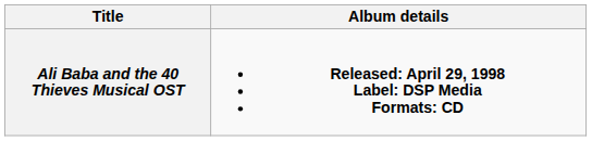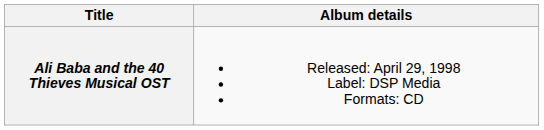 <table class="wikitable plainrowheaders" style="text-align:center;">
 <tr>
 <th style="width:13em;">Title</th>
 <th style="width:24em;">Album details</th>
 </tr>
 <tr>
 <th scope="row"><em>Ali Baba and the 40 Thieves Musical OST</em></th>
-<td><strong><br><ul><li>Released: April 29, 1998</li><li>Label: DSP Media</li><li>Formats: CD</li></ul></strong></td>
+<td><br><ul><li>Released: April 29, 1998</li><li>Label: DSP Media</li><li>Formats: CD</li></ul></td>
 </tr>
 </table>
